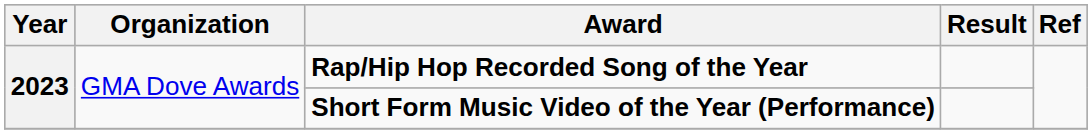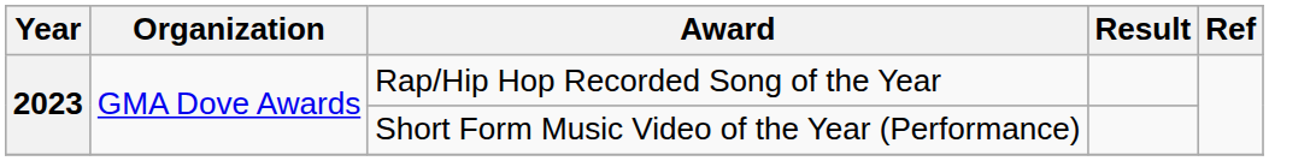 <table class="wikitable plainrowheaders">
 <tr>
 <th>Year</th>
 <th>Organization</th>
 <th>Award</th>
 <th>Result</th>
 <th style="text-align:center">Ref</th>
 </tr>
 <tr>
 <th scope="row" rowspan="2">2023</th>
 <td rowspan="2"><a href='#'>GMA Dove Awards</a></td>
-<td><strong>Rap/Hip Hop Recorded Song of the Year</strong></td>
+<td>Rap/Hip Hop Recorded Song of the Year</td>
 <td></td>
 <td rowspan="2"></td>
 </tr>
 <tr>
-<td><strong>Short Form Music Video of the Year (Performance)</strong></td>
+<td>Short Form Music Video of the Year (Performance)</td>
 <td></td>
 </tr>
 <tr>
 </tr>
 </table>
